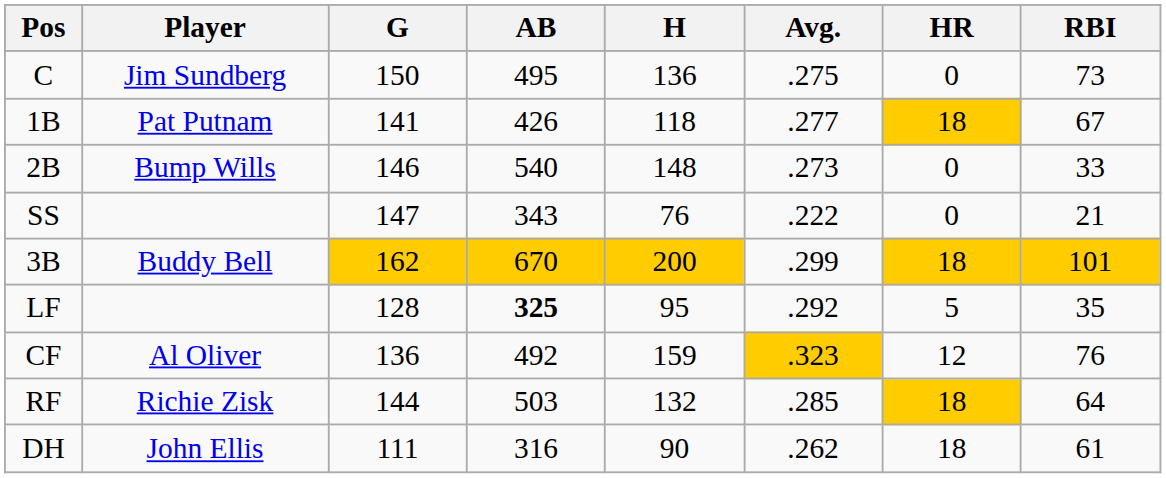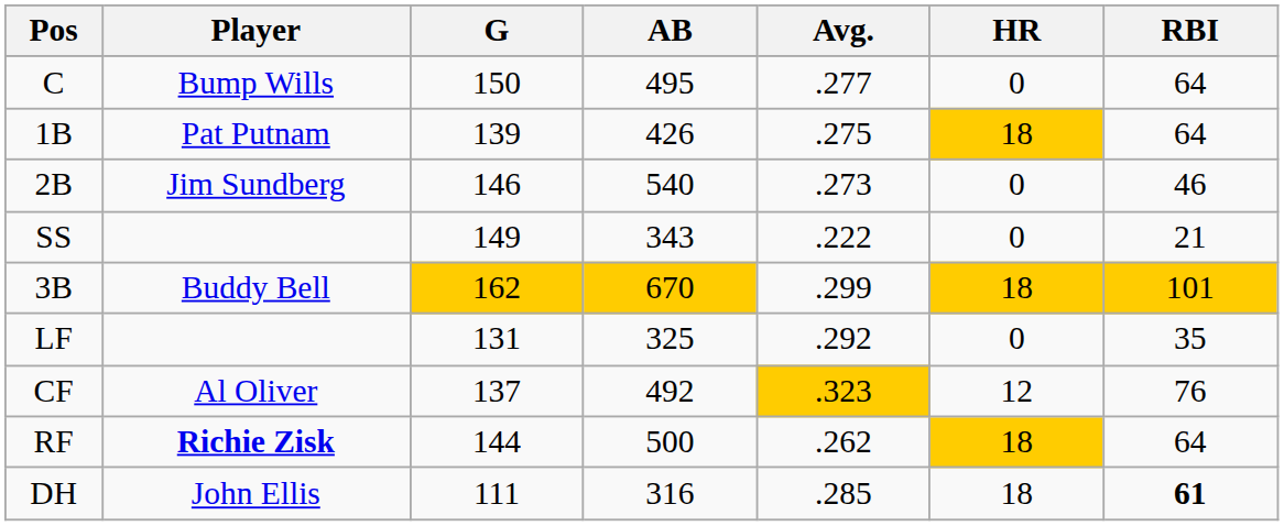 <table class="wikitable sortable">
 <tr>
 <th bgcolor="#DDDDFF" width="5%">Pos</th>
 <th bgcolor="#DDDDFF" width="16%">Player</th>
 <th bgcolor="#DDDDFF" width="9%">G</th>
 <th bgcolor="#DDDDFF" width="9%">AB</th>
-<th bgcolor="#DDDDFF" width="9%">H</th>
 <th bgcolor="#DDDDFF" width="9%">Avg.</th>
 <th bgcolor="#DDDDFF" width="9%">HR</th>
 <th bgcolor="#DDDDFF" width="9%">RBI</th>
 </tr>
 <tr align="center">
 <td>C</td>
-<td><a href='#'>Jim Sundberg</a></td>
+<td><a href='#'>Bump Wills</a></td>
 <td>150</td>
 <td>495</td>
-<td>136</td>
-<td>.275</td>
+<td>.277</td>
 <td>0</td>
-<td>73</td>
+<td>64</td>
 </tr>
 <tr align="center">
 <td>1B</td>
 <td><a href='#'>Pat Putnam</a></td>
-<td>141</td>
+<td>139</td>
 <td>426</td>
-<td>118</td>
-<td>.277</td>
+<td>.275</td>
 <td style="background:#fc0;">18</td>
-<td>67</td>
+<td>64</td>
 </tr>
 <tr align="center">
 <td>2B</td>
-<td><a href='#'>Bump Wills</a></td>
+<td><a href='#'>Jim Sundberg</a></td>
 <td>146</td>
 <td>540</td>
-<td>148</td>
 <td>.273</td>
 <td>0</td>
-<td>33</td>
+<td>46</td>
 </tr>
 <tr align="center">
 <td>SS</td>
 <td></td>
-<td>147</td>
+<td>149</td>
 <td>343</td>
-<td>76</td>
 <td>.222</td>
 <td>0</td>
 <td>21</td>
 </tr>
 <tr align="center">
 <td>3B</td>
 <td><a href='#'>Buddy Bell</a></td>
 <td style="background:#fc0;">162</td>
 <td style="background:#fc0;">670</td>
-<td style="background:#fc0;">200</td>
 <td>.299</td>
 <td style="background:#fc0;">18</td>
 <td style="background:#fc0;">101</td>
 </tr>
 <tr align="center">
 <td>LF</td>
 <td></td>
-<td>128</td>
-<td><strong>325</strong></td>
-<td>95</td>
+<td>131</td>
+<td>325</td>
 <td>.292</td>
-<td>5</td>
+<td>0</td>
 <td>35</td>
 </tr>
 <tr align="center">
 <td>CF</td>
 <td><a href='#'>Al Oliver</a></td>
-<td>136</td>
+<td>137</td>
 <td>492</td>
-<td>159</td>
 <td style="background:#fc0;">.323</td>
 <td>12</td>
 <td>76</td>
 </tr>
 <tr align="center">
 <td>RF</td>
-<td><a href='#'>Richie Zisk</a></td>
+<td><strong><a href='#'>Richie Zisk</a></strong></td>
 <td>144</td>
-<td>503</td>
-<td>132</td>
-<td>.285</td>
+<td>500</td>
+<td>.262</td>
 <td style="background:#fc0;">18</td>
 <td>64</td>
 </tr>
 <tr align="center">
 <td>DH</td>
 <td><a href='#'>John Ellis</a></td>
 <td>111</td>
 <td>316</td>
-<td>90</td>
-<td>.262</td>
+<td>.285</td>
 <td>18</td>
-<td>61</td>
+<td><strong>61</strong></td>
 </tr>
 </table>
